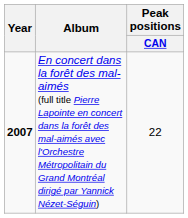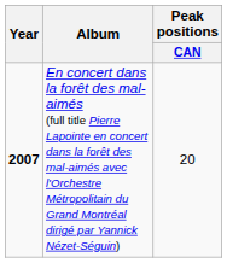 <table class="wikitable">
 <tr>
 <th align="center" rowspan="2" width="10">Year</th>
 <th align="center" rowspan="2" width="120">Album</th>
 <th align="center" colspan="1" width="20">Peak positions</th>
 </tr>
 <tr>
 <th scope="col" style="width:3em;font-size:90%;"><a href='#'>CAN</a><br></th>
 </tr>
 <tr>
 <td style="text-align:center;"><strong>2007</strong></td>
 <td><em><a href='#'>En concert dans la forêt des mal-aimés</a></em> <br><small>(full title <em><a href='#'>Pierre Lapointe en concert dans la forêt des mal-aimés avec l'Orchestre Métropolitain du Grand Montréal dirigé par Yannick Nézet-Séguin</a></em>)</small></td>
-<td style="text-align:center;">22</td>
+<td style="text-align:center;">20</td>
 </tr>
 </table>
